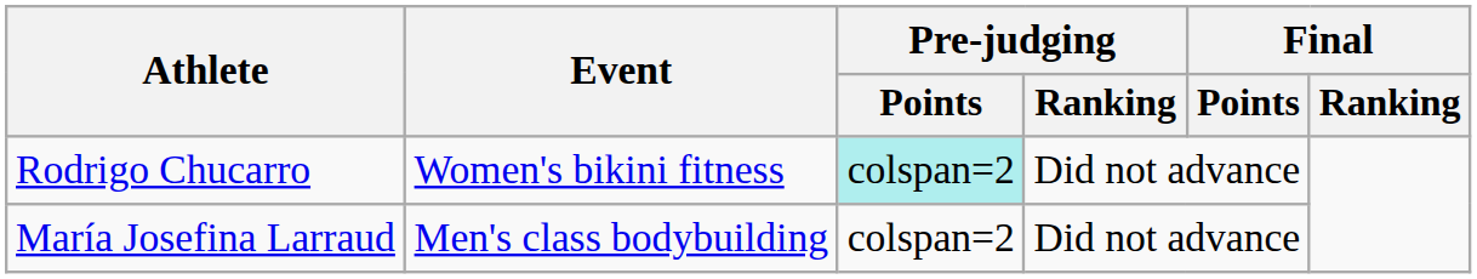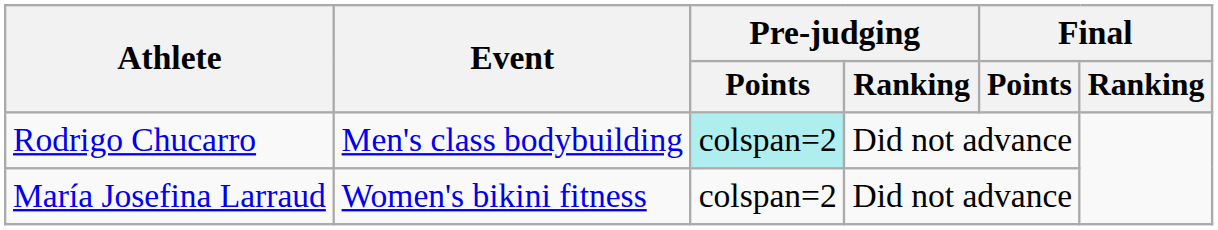 <table class=wikitable style="font-size:90%">
 <tr>
 <th rowspan="2">Athlete</th>
 <th rowspan="2">Event</th>
 <th colspan="2">Pre-judging</th>
 <th colspan="2">Final</th>
 </tr>
 <tr style="font-size:95%">
 <th>Points</th>
 <th>Ranking</th>
 <th>Points</th>
 <th>Ranking</th>
 </tr>
 <tr align=center>
 <td align=left><a href='#'>Rodrigo Chucarro</a></td>
-<td align=left><a href='#'>Women's bikini fitness</a></td>
+<td align=left><a href='#'>Men's class bodybuilding</a></td>
 <td style="background: paleturquoise;">colspan=2 </td>
 <td colspan=2>Did not advance</td>
 </tr>
 <tr align=center>
 <td align=left><a href='#'>María Josefina Larraud</a></td>
-<td align=left><a href='#'>Men's class bodybuilding</a></td>
+<td align=left><a href='#'>Women's bikini fitness</a></td>
 <td>colspan=2 </td>
 <td colspan=2>Did not advance</td>
 </tr>
 </table>
